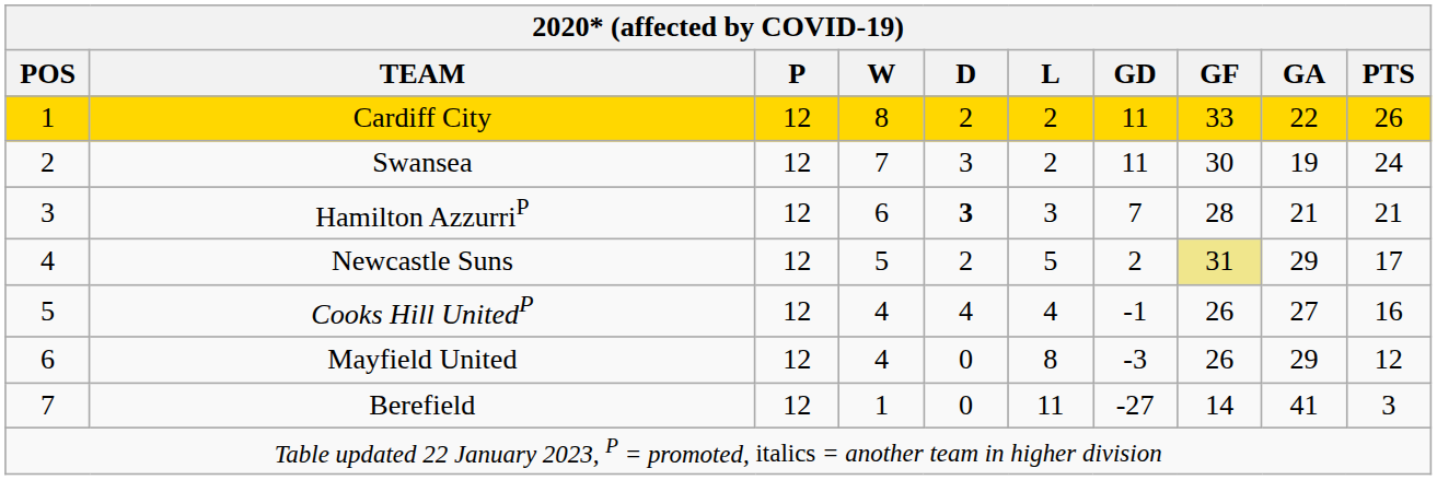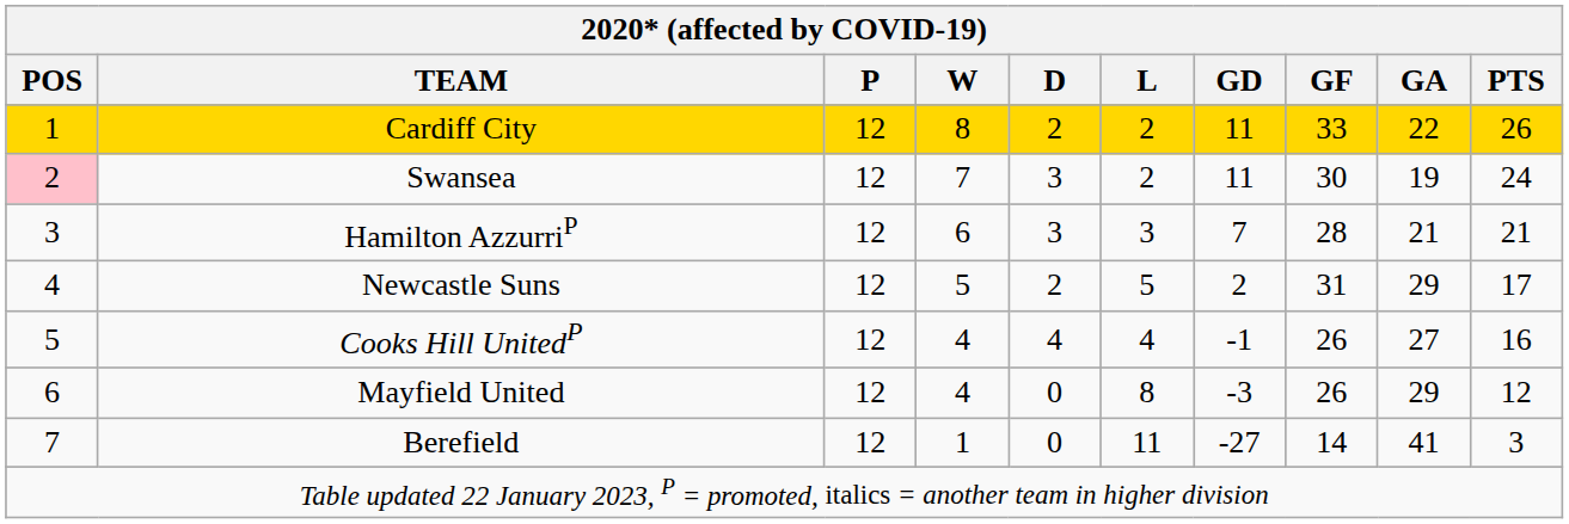 <table class="wikitable collapsible collapsed" style="text-align:center; min-width:50em; margin: 1em auto 1em auto;">
 <tr>
 <th colspan=10>2020* (affected by COVID-19)</th>
 </tr>
 <tr>
 <th scope="col" width="40px">POS</th>
 <th scope="col">TEAM</th>
 <th scope="col" width="40px">P</th>
 <th scope="col" width="40px">W</th>
 <th scope="col" width="40px">D</th>
 <th scope="col" width="40px">L</th>
 <th scope="col" width="40px">GD</th>
 <th scope="col" width="40px">GF</th>
 <th scope="col" width="40px">GA</th>
 <th scope="col" width="40px">PTS</th>
 </tr>
 <tr style="background: gold;">
 <td>1</td>
 <td>Cardiff City</td>
 <td>12</td>
 <td>8</td>
 <td>2</td>
 <td>2</td>
 <td>11</td>
 <td>33</td>
 <td>22</td>
 <td>26</td>
 </tr>
 <tr>
-<td>2</td>
+<td style="background: pink;">2</td>
 <td>Swansea</td>
 <td>12</td>
 <td>7</td>
 <td>3</td>
 <td>2</td>
 <td>11</td>
 <td>30</td>
 <td>19</td>
 <td>24</td>
 </tr>
 <tr>
 <td>3</td>
 <td>Hamilton Azzurri<sup>P</sup></td>
 <td>12</td>
 <td>6</td>
-<td><strong>3</strong></td>
+<td>3</td>
 <td>3</td>
 <td>7</td>
 <td>28</td>
 <td>21</td>
 <td>21</td>
 </tr>
 <tr>
 <td>4</td>
 <td>Newcastle Suns</td>
 <td>12</td>
 <td>5</td>
 <td>2</td>
 <td>5</td>
 <td>2</td>
-<td style="background: khaki;">31</td>
+<td>31</td>
 <td>29</td>
 <td>17</td>
 </tr>
 <tr>
 <td>5</td>
 <td><em>Cooks Hill United<sup>P</sup></em></td>
 <td>12</td>
 <td>4</td>
 <td>4</td>
 <td>4</td>
 <td>-1</td>
 <td>26</td>
 <td>27</td>
 <td>16</td>
 </tr>
 <tr>
 <td>6</td>
 <td>Mayfield United</td>
 <td>12</td>
 <td>4</td>
 <td>0</td>
 <td>8</td>
 <td>-3</td>
 <td>26</td>
 <td>29</td>
 <td>12</td>
 </tr>
 <tr>
 <td>7</td>
 <td>Berefield</td>
 <td>12</td>
 <td>1</td>
 <td>0</td>
 <td>11</td>
 <td>-27</td>
 <td>14</td>
 <td>41</td>
 <td>3</td>
 </tr>
 <tr>
 <td colspan=10 style="font-size:88%"><em>Table updated 22 January 2023, <sup>P</sup> = promoted, </em>italics<em> = another team in higher division</em></td>
 </tr>
 </table>
